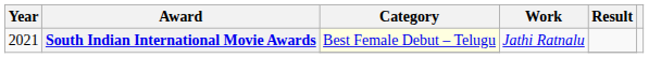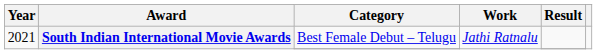 <table class="wikitable plainrowheaders">
 <tr>
 <th>Year</th>
 <th>Award</th>
 <th>Category</th>
 <th>Work</th>
 <th>Result</th>
 <th></th>
 </tr>
 <tr>
 <td style="text-align:center;" rowspan="2">2021</td>
 <th scope="row" rowspan="2"><a href='#'> South Indian International Movie Awards</a></th>
-<td style="background: lightyellow;"><a href='#'>Best Female Debut – Telugu</a></td>
+<td><a href='#'>Best Female Debut – Telugu</a></td>
 <td style="text-align:center;" rowspan="4"><em><a href='#'>Jathi Ratnalu</a></em></td>
 <td></td>
 <td style="text-align:center;" rowspan="2"><br></td>
 </tr>
 <tr>
 </tr>
 </table>
